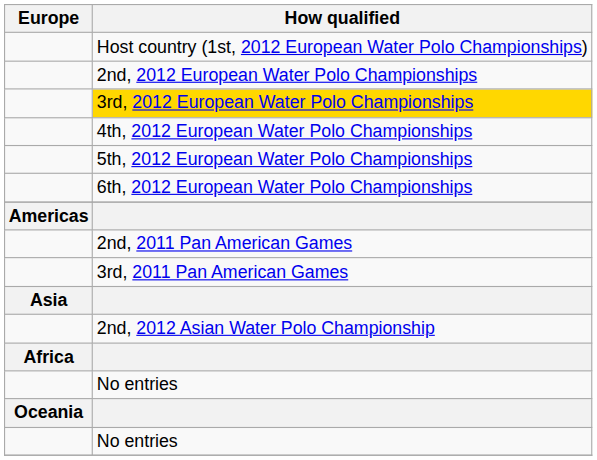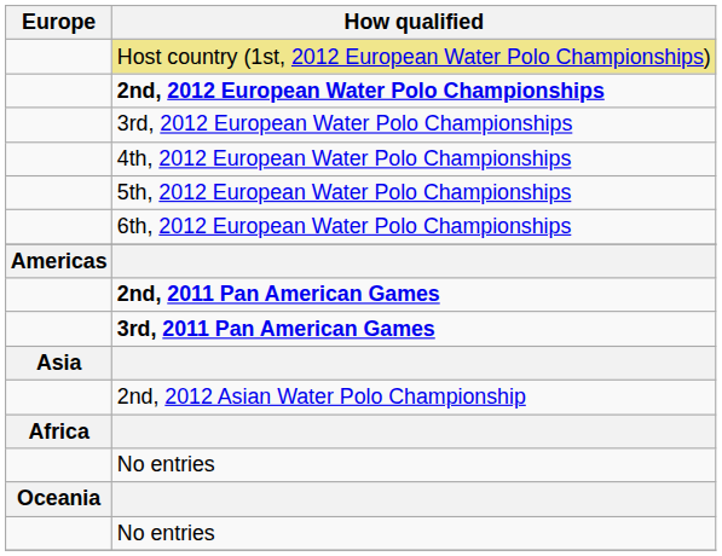 <table class="wikitable">
 <tr>
 <th>Europe</th>
 <th>How qualified</th>
 </tr>
 <tr>
 <td></td>
-<td>Host country (1st, <a href='#'>2012 European Water Polo Championships</a>)</td>
+<td style="background: khaki;">Host country (1st, <a href='#'>2012 European Water Polo Championships</a>)</td>
 </tr>
 <tr>
 <td></td>
-<td>2nd, <a href='#'>2012 European Water Polo Championships</a></td>
+<td><strong>2nd, <a href='#'>2012 European Water Polo Championships</a></strong></td>
 </tr>
 <tr>
 <td></td>
-<td style="background: gold;">3rd, <a href='#'>2012 European Water Polo Championships</a></td>
+<td>3rd, <a href='#'>2012 European Water Polo Championships</a></td>
 </tr>
 <tr>
 <td></td>
 <td>4th, <a href='#'>2012 European Water Polo Championships</a></td>
 </tr>
 <tr>
 <td></td>
 <td>5th, <a href='#'>2012 European Water Polo Championships</a></td>
 </tr>
 <tr>
 <td></td>
 <td>6th, <a href='#'>2012 European Water Polo Championships</a></td>
 </tr>
 <tr>
 </tr>
 <tr>
 <th>Americas</th>
 <th></th>
 </tr>
 <tr>
 <td></td>
-<td>2nd, <a href='#'>2011 Pan American Games</a></td>
+<td><strong>2nd, <a href='#'>2011 Pan American Games</a></strong></td>
 </tr>
 <tr>
 <td></td>
-<td>3rd, <a href='#'>2011 Pan American Games</a></td>
+<td><strong>3rd, <a href='#'>2011 Pan American Games</a></strong></td>
 </tr>
 <tr>
 <th>Asia</th>
 <th></th>
 </tr>
 <tr>
 <td></td>
 <td>2nd, <a href='#'>2012 Asian Water Polo Championship</a></td>
 </tr>
 <tr>
 <th>Africa</th>
 <th></th>
 </tr>
 <tr>
 <td></td>
 <td>No entries</td>
 </tr>
 <tr>
 <th>Oceania</th>
 <th></th>
 </tr>
 <tr>
 <td></td>
 <td>No entries</td>
 </tr>
 <tr>
 </tr>
 </table>
